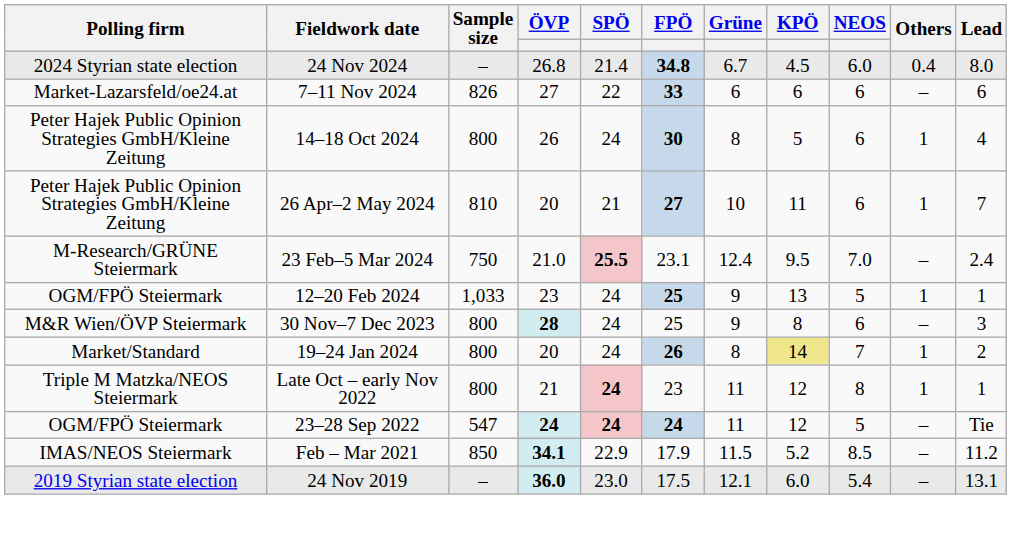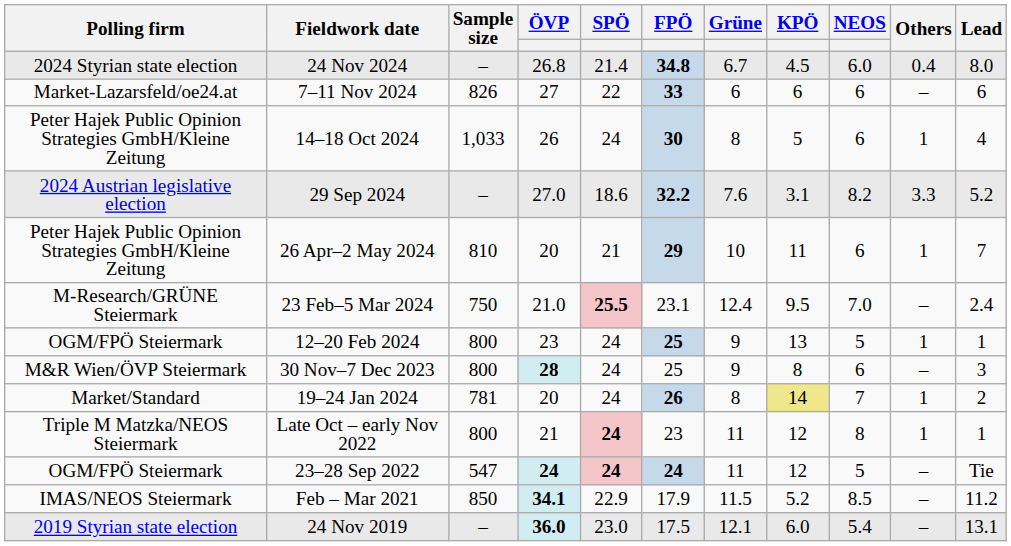 <table class="wikitable sortable" style="text-align:center;font-size:90%;line-height:14px;">
 <tr>
 <th rowspan="2" style="width:190px;">Polling firm</th>
 <th rowspan="2" style="width:130px;">Fieldwork date</th>
 <th rowspan="2" style="width:35px;">Sample<br>size</th>
 <th class="unsortable" style="width:40px;"><a href='#'>ÖVP</a></th>
 <th class="unsortable" style="width:40px;"><a href='#'>SPÖ</a></th>
 <th class="unsortable" style="width:40px;"><a href='#'>FPÖ</a></th>
 <th class="unsortable" style="width:40px;"><a href='#'>Grüne</a></th>
 <th class="unsortable" style="width:40px;"><a href='#'>KPÖ</a></th>
 <th class="unsortable" style="width:40px;"><a href='#'>NEOS</a></th>
 <th rowspan="2" class="unsortable" style="width:40px;">Others</th>
 <th rowspan="2" style="width:30px;">Lead</th>
 </tr>
 <tr>
 <th style="background:"></th>
 <th style="background:"></th>
 <th style="background:"></th>
 <th style="background:"></th>
 <th style="background:"></th>
 <th style="background:"></th>
 </tr>
 <tr style="background:#E9E9E9;">
 <td>2024 Styrian state election</td>
 <td data-sort-value="2024-11-24">24 Nov 2024</td>
 <td>–</td>
 <td>26.8</td>
 <td>21.4</td>
 <td style="background:#C6D9EA;"><strong>34.8</strong></td>
 <td>6.7</td>
 <td>4.5</td>
 <td>6.0</td>
 <td>0.4</td>
 <td style="background:">8.0</td>
 </tr>
 <tr>
 <td>Market-Lazarsfeld/oe24.at</td>
 <td>7–11 Nov 2024</td>
 <td>826</td>
 <td>27</td>
 <td>22</td>
 <td style="background:#C6D9EA;"><strong>33</strong></td>
 <td>6</td>
 <td>6</td>
 <td>6</td>
 <td>–</td>
 <td style="background:">6</td>
 </tr>
 <tr>
 <td>Peter Hajek Public Opinion Strategies GmbH/Kleine Zeitung</td>
 <td>14–18 Oct 2024</td>
-<td>800</td>
+<td>1,033</td>
 <td>26</td>
 <td>24</td>
 <td style="background:#C6D9EA;"><strong>30</strong></td>
 <td>8</td>
 <td>5</td>
 <td>6</td>
 <td>1</td>
 <td style="background:">4</td>
 </tr>
+<tr style="background:#E9E9E9;">
+<td><a href='#'>2024 Austrian legislative election</a></td>
+<td>29 Sep 2024</td>
+<td>–</td>
+<td>27.0</td>
+<td>18.6</td>
+<td style="background:#C6D9EA;"><strong>32.2</strong></td>
+<td>7.6</td>
+<td>3.1</td>
+<td>8.2</td>
+<td>3.3</td>
+<td style="background:">5.2</td>
+</tr>
 <tr>
 <td>Peter Hajek Public Opinion Strategies GmbH/Kleine Zeitung</td>
 <td>26 Apr–2 May 2024</td>
 <td>810</td>
 <td>20</td>
 <td>21</td>
-<td style="background:#C6D9EA;"><strong>27</strong></td>
+<td style="background:#C6D9EA;"><strong>29</strong></td>
 <td>10</td>
 <td>11</td>
 <td>6</td>
 <td>1</td>
 <td style="background:">7</td>
 </tr>
 <tr>
 <td>M-Research/GRÜNE Steiermark</td>
 <td>23 Feb–5 Mar 2024</td>
 <td>750</td>
 <td>21.0</td>
 <td style="background:#F4C6C9;"><strong>25.5</strong></td>
 <td>23.1</td>
 <td>12.4</td>
 <td>9.5</td>
 <td>7.0</td>
 <td>–</td>
 <td style="background:">2.4</td>
 </tr>
 <tr>
 <td>OGM/FPÖ Steiermark</td>
 <td>12–20 Feb 2024</td>
-<td>1,033</td>
+<td>800</td>
 <td>23</td>
 <td>24</td>
 <td style="background:#C6D9EA;"><strong>25</strong></td>
 <td>9</td>
 <td>13</td>
 <td>5</td>
 <td>1</td>
 <td style="background:">1</td>
 </tr>
 <tr>
 <td>M&R Wien/ÖVP Steiermark</td>
 <td>30 Nov–7 Dec 2023</td>
 <td>800</td>
 <td style="background:#D2EDF1;"><strong>28</strong></td>
 <td>24</td>
 <td>25</td>
 <td>9</td>
 <td>8</td>
 <td>6</td>
 <td>–</td>
 <td style="background:">3</td>
 </tr>
 <tr>
 <td>Market/Standard</td>
 <td data-sort-value="2024-01-24">19–24 Jan 2024</td>
-<td>800</td>
+<td>781</td>
 <td>20</td>
 <td>24</td>
 <td style="background:#C6D9EA;"><strong>26</strong></td>
 <td>8</td>
 <td style="background: khaki;">14</td>
 <td>7</td>
 <td>1</td>
 <td style="background:">2</td>
 </tr>
 <tr>
 <td>Triple M Matzka/NEOS Steiermark</td>
 <td data-sort-value="2019-11-14">Late Oct – early Nov 2022</td>
 <td>800</td>
 <td>21</td>
 <td style="background:#F4C6C9;"><strong>24</strong></td>
 <td>23</td>
 <td>11</td>
 <td>12</td>
 <td>8</td>
 <td>1</td>
 <td style="background:">1</td>
 </tr>
 <tr>
 <td>OGM/FPÖ Steiermark</td>
 <td data-sort-value="2019-11-16">23–28 Sep 2022</td>
 <td>547</td>
 <td style="background:#D2EDF1;"><strong>24</strong></td>
 <td style="background:#F4C6C9;"><strong>24</strong></td>
 <td style="background:#C6D9EA;"><strong>24</strong></td>
 <td>11</td>
 <td>12</td>
 <td>5</td>
 <td>–</td>
 <td>Tie</td>
 </tr>
 <tr>
 <td>IMAS/NEOS Steiermark</td>
 <td data-sort-value="2019-11-13">Feb – Mar 2021</td>
 <td>850</td>
 <td style="background:#D2EDF1;"><strong>34.1</strong></td>
 <td>22.9</td>
 <td>17.9</td>
 <td>11.5</td>
 <td>5.2</td>
 <td>8.5</td>
 <td>–</td>
 <td style="background:">11.2</td>
 </tr>
 <tr style="background:#E9E9E9;">
 <td><a href='#'>2019 Styrian state election</a></td>
 <td data-sort-value="2015-05-31">24 Nov 2019</td>
 <td>–</td>
 <td style="background:#D2EDF1;"><strong>36.0</strong></td>
 <td>23.0</td>
 <td>17.5</td>
 <td>12.1</td>
 <td>6.0</td>
 <td>5.4</td>
 <td>–</td>
 <td style="background:">13.1</td>
 </tr>
 </table>
